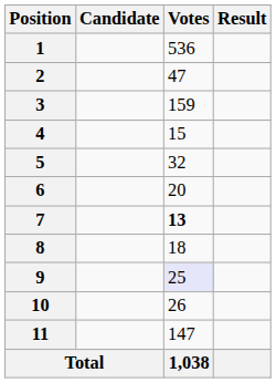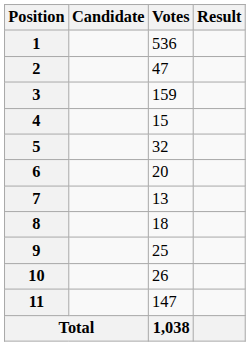 <table class="wikitable sortable col3right">
 <tr>
 <th scope="col">Position</th>
 <th scope="col">Candidate</th>
 <th scope="col">Votes</th>
 <th scope="col">Result</th>
 </tr>
 <tr>
 <th scope="row">1</th>
 <td></td>
 <td>536</td>
 <td></td>
 </tr>
 <tr>
 <th scope="row">2</th>
 <td></td>
 <td>47</td>
 <td></td>
 </tr>
 <tr>
 <th scope="row">3</th>
 <td></td>
 <td>159</td>
 <td></td>
 </tr>
 <tr>
 <th scope="row">4</th>
 <td></td>
 <td>15</td>
 <td></td>
 </tr>
 <tr>
 <th scope="row">5</th>
 <td></td>
 <td>32</td>
 <td></td>
 </tr>
 <tr>
 <th scope="row">6</th>
 <td></td>
 <td>20</td>
 <td></td>
 </tr>
 <tr>
 <th scope="row">7</th>
 <td></td>
-<td><strong>13</strong></td>
+<td>13</td>
 <td></td>
 </tr>
 <tr>
 <th scope="row">8</th>
 <td></td>
 <td>18</td>
 <td></td>
 </tr>
 <tr>
 <th scope="row">9</th>
 <td></td>
-<td style="background: lavender;">25</td>
+<td>25</td>
 <td></td>
 </tr>
 <tr>
 <th scope="row">10</th>
 <td></td>
 <td>26</td>
 <td></td>
 </tr>
 <tr>
 <th scope="row">11</th>
 <td></td>
 <td>147</td>
 <td></td>
 </tr>
 <tr class=sortbottom>
 <th scope="row" colspan="2">Total</th>
 <th style="text-align:right">1,038</th>
 <th></th>
 </tr>
 </table>
